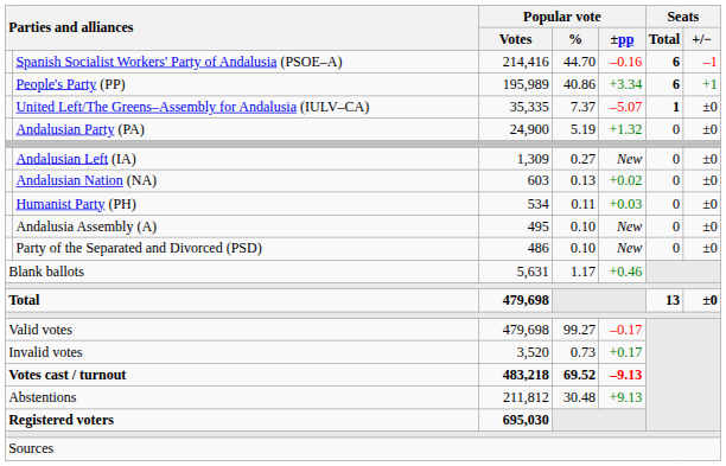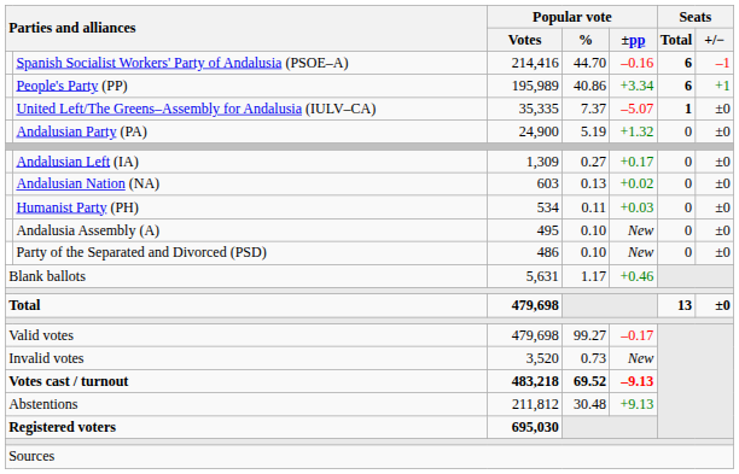 <table class="wikitable" style="text-align:right;">
 <tr>
 <th style="text-align:left;" rowspan="2" colspan="2" width="525">Parties and alliances</th>
 <th colspan="3">Popular vote</th>
 <th colspan="2">Seats</th>
 </tr>
 <tr>
 <th width="75">Votes</th>
 <th width="45">%</th>
 <th width="45">±<a href='#'>pp</a></th>
 <th width="35">Total</th>
 <th width="35">+/−</th>
 </tr>
 <tr>
 <td width="1" style="color:inherit;background:"></td>
 <td align="left"><a href='#'>Spanish Socialist Workers' Party of Andalusia</a> (PSOE–A)</td>
 <td>214,416</td>
 <td>44.70</td>
 <td style="color:red;">–0.16</td>
 <td><strong>6</strong></td>
 <td style="color:red;">–1</td>
 </tr>
 <tr>
 <td style="color:inherit;background:"></td>
 <td align="left"><a href='#'>People's Party</a> (PP)</td>
 <td>195,989</td>
 <td>40.86</td>
 <td style="color:green;">+3.34</td>
 <td><strong>6</strong></td>
 <td style="color:green;">+1</td>
 </tr>
 <tr>
 <td style="color:inherit;background:"></td>
 <td align="left"><a href='#'>United Left/The Greens–Assembly for Andalusia</a> (IULV–CA)</td>
 <td>35,335</td>
 <td>7.37</td>
 <td style="color:red;">–5.07</td>
 <td><strong>1</strong></td>
 <td>±0</td>
 </tr>
 <tr>
 <td style="color:inherit;background:"></td>
 <td align="left"><a href='#'>Andalusian Party</a> (PA)</td>
 <td>24,900</td>
 <td>5.19</td>
 <td style="color:green;">+1.32</td>
 <td>0</td>
 <td>±0</td>
 </tr>
 <tr>
 <td colspan="7" bgcolor="#C0C0C0"></td>
 </tr>
 <tr>
 <td style="color:inherit;background:"></td>
 <td align="left"><a href='#'>Andalusian Left</a> (IA)</td>
 <td>1,309</td>
 <td>0.27</td>
-<td><em>New</em></td>
+<td style="color:green;">+0.17</td>
 <td>0</td>
 <td>±0</td>
 </tr>
 <tr>
 <td style="color:inherit;background:"></td>
 <td align="left"><a href='#'>Andalusian Nation</a> (NA)</td>
 <td>603</td>
 <td>0.13</td>
 <td style="color:green;">+0.02</td>
 <td>0</td>
 <td>±0</td>
 </tr>
 <tr>
 <td style="color:inherit;background:"></td>
 <td align="left"><a href='#'>Humanist Party</a> (PH)</td>
 <td>534</td>
 <td>0.11</td>
 <td style="color:green;">+0.03</td>
 <td>0</td>
 <td>±0</td>
 </tr>
 <tr>
 <td style="color:inherit;background:"></td>
 <td align="left">Andalusia Assembly (A)</td>
 <td>495</td>
 <td>0.10</td>
 <td><em>New</em></td>
 <td>0</td>
 <td>±0</td>
 </tr>
 <tr>
 <td bgcolor="white"></td>
 <td align="left">Party of the Separated and Divorced (PSD)</td>
 <td>486</td>
 <td>0.10</td>
 <td><em>New</em></td>
 <td>0</td>
 <td>±0</td>
 </tr>
 <tr>
 <td align="left" colspan="2">Blank ballots</td>
 <td>5,631</td>
 <td>1.17</td>
 <td style="color:green;">+0.46</td>
 <td bgcolor="#E9E9E9" colspan="2"></td>
 </tr>
 <tr>
 <td colspan="7" bgcolor="#E9E9E9"></td>
 </tr>
 <tr style="font-weight:bold;">
 <td align="left" colspan="2">Total</td>
 <td>479,698</td>
 <td bgcolor="#E9E9E9" colspan="2"></td>
 <td>13</td>
 <td>±0</td>
 </tr>
 <tr>
 <td colspan="7" bgcolor="#E9E9E9"></td>
 </tr>
 <tr>
 <td align="left" colspan="2">Valid votes</td>
 <td>479,698</td>
 <td>99.27</td>
 <td style="color:red;">–0.17</td>
 <td bgcolor="#E9E9E9" colspan="2" rowspan="5"></td>
 </tr>
 <tr>
 <td align="left" colspan="2">Invalid votes</td>
 <td>3,520</td>
 <td>0.73</td>
-<td style="color:green;">+0.17</td>
+<td><em>New</em></td>
 </tr>
 <tr style="font-weight:bold;">
 <td align="left" colspan="2">Votes cast / turnout</td>
 <td>483,218</td>
 <td>69.52</td>
 <td style="color:red;">–9.13</td>
 </tr>
 <tr>
 <td align="left" colspan="2">Abstentions</td>
 <td>211,812</td>
 <td>30.48</td>
 <td style="color:green;">+9.13</td>
 </tr>
 <tr style="font-weight:bold;">
 <td align="left" colspan="2">Registered voters</td>
 <td>695,030</td>
 <td bgcolor="#E9E9E9" colspan="2"></td>
 </tr>
 <tr>
 <td colspan="7" bgcolor="#E9E9E9"></td>
 </tr>
 <tr>
 <td align="left" colspan="7">Sources</td>
 </tr>
 </table>
